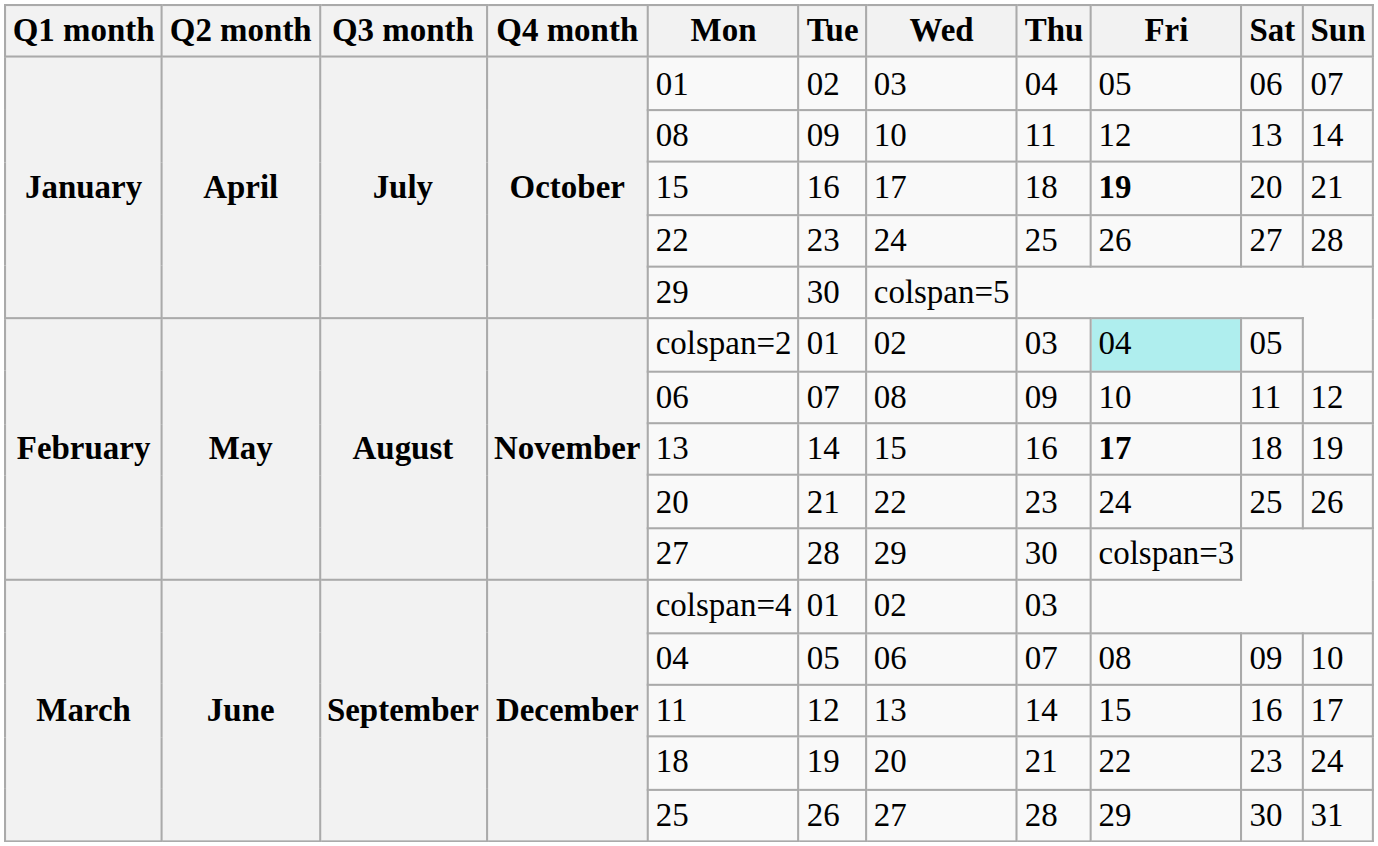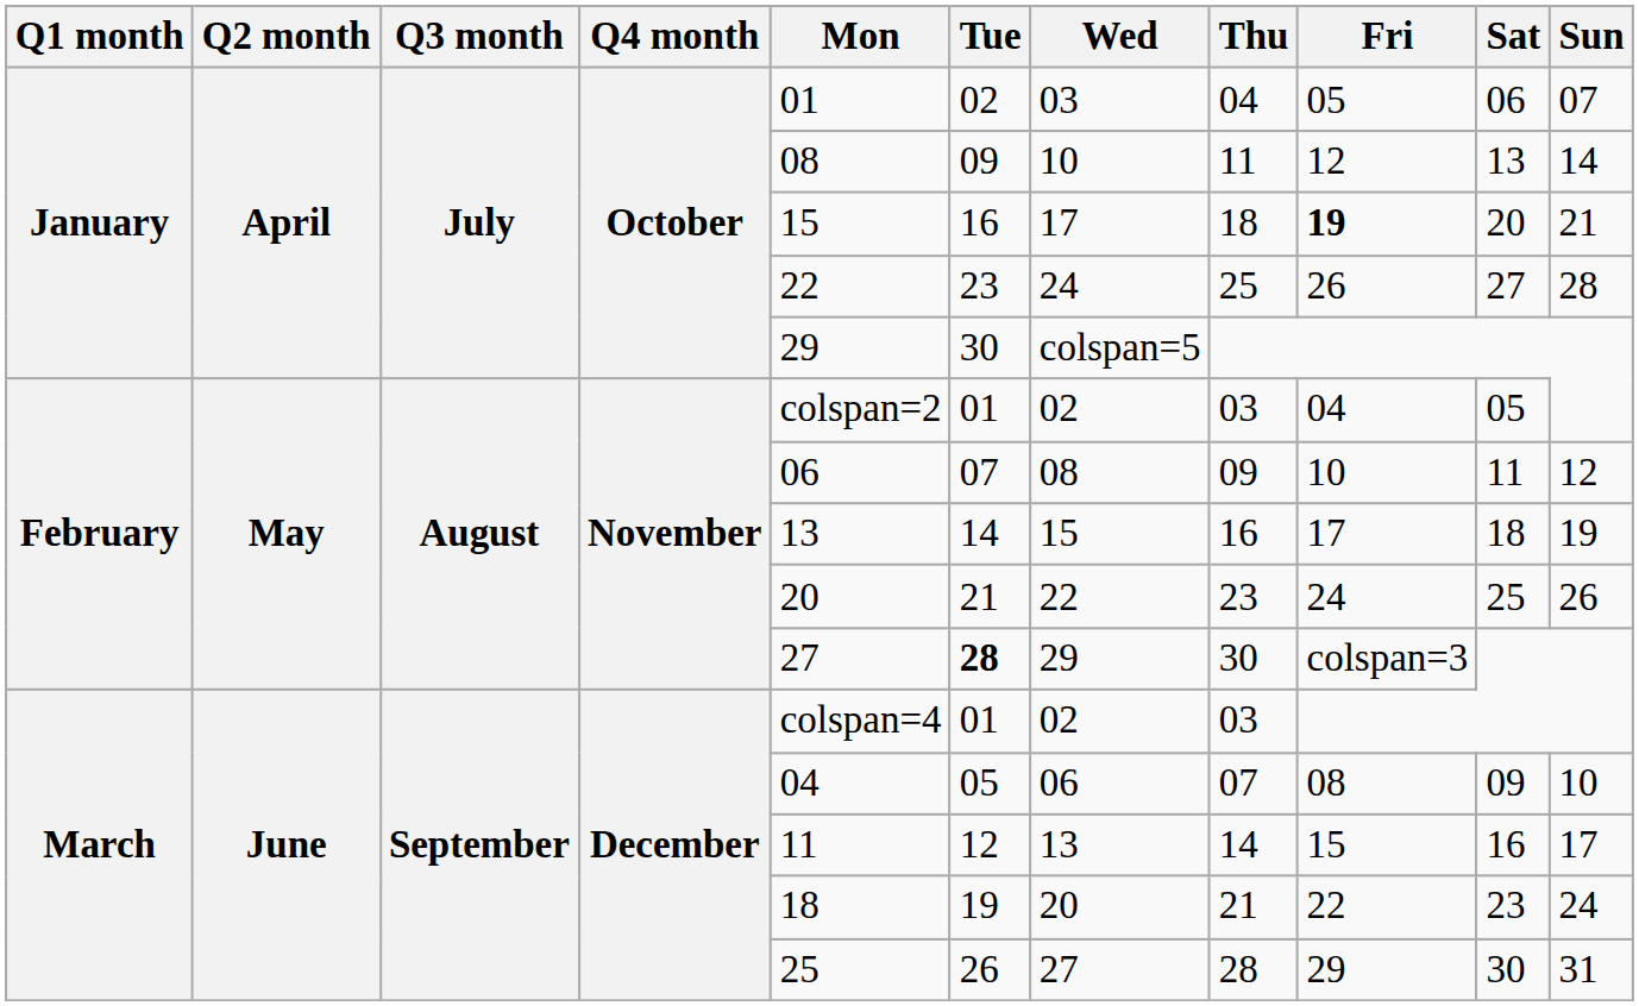 <table class="wikitable">
 <tr>
 <th>Q1 month</th>
 <th>Q2 month</th>
 <th>Q3 month</th>
 <th>Q4 month</th>
 <th>Mon</th>
 <th>Tue</th>
 <th>Wed</th>
 <th>Thu</th>
 <th>Fri</th>
 <th>Sat</th>
 <th>Sun</th>
 </tr>
 <tr>
 <th rowspan=5>January</th>
 <th rowspan=5>April</th>
 <th rowspan=5>July</th>
 <th rowspan=5>October</th>
 <td>01</td>
 <td>02</td>
 <td>03</td>
 <td>04</td>
 <td>05</td>
 <td>06</td>
 <td>07</td>
 </tr>
 <tr>
 <td>08</td>
 <td>09</td>
 <td>10</td>
 <td>11</td>
 <td>12</td>
 <td>13</td>
 <td>14</td>
 </tr>
 <tr>
 <td>15</td>
 <td>16</td>
 <td>17</td>
 <td>18</td>
 <td><strong>19</strong></td>
 <td>20</td>
 <td>21</td>
 </tr>
 <tr>
 <td>22</td>
 <td>23</td>
 <td>24</td>
 <td>25</td>
 <td>26</td>
 <td>27</td>
 <td>28</td>
 </tr>
 <tr>
 <td>29</td>
 <td>30</td>
 <td>colspan=5 </td>
 </tr>
 <tr>
 <th rowspan=5>February</th>
 <th rowspan=5>May</th>
 <th rowspan=5>August</th>
 <th rowspan=5>November</th>
 <td>colspan=2 </td>
 <td>01</td>
 <td>02</td>
 <td>03</td>
-<td style="background: paleturquoise;">04</td>
+<td>04</td>
 <td>05</td>
 </tr>
 <tr>
 <td>06</td>
 <td>07</td>
 <td>08</td>
 <td>09</td>
 <td>10</td>
 <td>11</td>
 <td>12</td>
 </tr>
 <tr>
 <td>13</td>
 <td>14</td>
 <td>15</td>
 <td>16</td>
-<td><strong>17</strong></td>
+<td>17</td>
 <td>18</td>
 <td>19</td>
 </tr>
 <tr>
 <td>20</td>
 <td>21</td>
 <td>22</td>
 <td>23</td>
 <td>24</td>
 <td>25</td>
 <td>26</td>
 </tr>
 <tr>
 <td>27</td>
-<td>28</td>
+<td><strong>28</strong></td>
 <td>29</td>
 <td>30</td>
 <td>colspan=3 </td>
 </tr>
 <tr>
 <th rowspan=5>March</th>
 <th rowspan=5>June</th>
 <th rowspan=5>September</th>
 <th rowspan=5>December</th>
 <td>colspan=4 </td>
 <td>01</td>
 <td>02</td>
 <td>03</td>
 </tr>
 <tr>
 <td>04</td>
 <td>05</td>
 <td>06</td>
 <td>07</td>
 <td>08</td>
 <td>09</td>
 <td>10</td>
 </tr>
 <tr>
 <td>11</td>
 <td>12</td>
 <td>13</td>
 <td>14</td>
 <td>15</td>
 <td>16</td>
 <td>17</td>
 </tr>
 <tr>
 <td>18</td>
 <td>19</td>
 <td>20</td>
 <td>21</td>
 <td>22</td>
 <td>23</td>
 <td>24</td>
 </tr>
 <tr>
 <td>25</td>
 <td>26</td>
 <td>27</td>
 <td>28</td>
 <td>29</td>
 <td>30</td>
 <td>31</td>
 </tr>
 </table>
